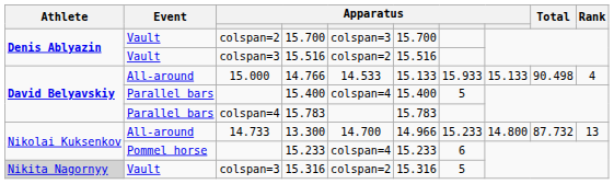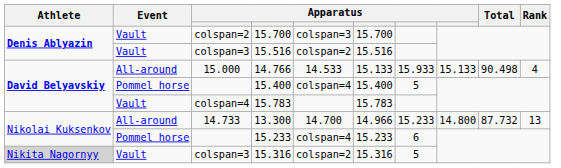 <table class="wikitable" style="font-size:90%">
 <tr>
 <th rowspan=2>Athlete</th>
 <th rowspan=2>Event</th>
 <th colspan =6>Apparatus</th>
 <th rowspan=2>Total</th>
 <th rowspan=2>Rank</th>
 </tr>
 <tr style="font-size:95%">
 <th></th>
 <th></th>
 <th></th>
 <th></th>
 <th></th>
 <th></th>
 </tr>
 <tr align=center>
 <td align=left rowspan=2><strong><a href='#'>Denis Ablyazin</a></strong></td>
 <td align=left><a href='#'>Vault</a></td>
 <td>colspan=2 </td>
 <td>15.700</td>
 <td>colspan=3 </td>
 <td>15.700</td>
 <td></td>
 </tr>
 <tr align=center>
 <td align=left><a href='#'>Vault</a></td>
 <td>colspan=3 </td>
 <td>15.516</td>
 <td>colspan=2 </td>
 <td>15.516</td>
 <td></td>
 </tr>
 <tr align=center>
 <td align=left rowspan=3><strong><a href='#'>David Belyavskiy</a></strong></td>
 <td align=left><a href='#'>All-around</a></td>
 <td>15.000</td>
 <td>14.766</td>
 <td>14.533</td>
 <td>15.133</td>
 <td>15.933</td>
 <td>15.133</td>
 <td>90.498</td>
 <td>4</td>
 </tr>
 <tr align=center>
-<td align=left><a href='#'>Parallel bars</a></td>
+<td align=left><a href='#'>Pommel horse</a></td>
 <td></td>
 <td>15.400</td>
 <td>colspan=4 </td>
 <td>15.400</td>
 <td>5</td>
 </tr>
 <tr align=center>
-<td align=left><a href='#'>Parallel bars</a></td>
+<td align=left><a href='#'>Vault</a></td>
 <td>colspan=4 </td>
 <td>15.783</td>
 <td></td>
 <td>15.783</td>
 <td></td>
 </tr>
 <tr align=center>
 <td align=left rowspan=2><a href='#'>Nikolai Kuksenkov</a></td>
 <td align=left><a href='#'>All-around</a></td>
 <td>14.733</td>
 <td>13.300</td>
 <td>14.700</td>
 <td>14.966</td>
 <td>15.233</td>
 <td>14.800</td>
 <td>87.732</td>
 <td>13</td>
 </tr>
 <tr align=center>
 <td align=left><a href='#'>Pommel horse</a></td>
 <td></td>
 <td>15.233</td>
 <td>colspan=4 </td>
 <td>15.233</td>
 <td>6</td>
 </tr>
 <tr align=center>
 <td align=left style="background: lightgrey;"><a href='#'>Nikita Nagornyy</a></td>
 <td align=left><a href='#'>Vault</a></td>
 <td>colspan=3 </td>
 <td>15.316</td>
 <td>colspan=2 </td>
 <td>15.316</td>
 <td>5</td>
 </tr>
 </table>
